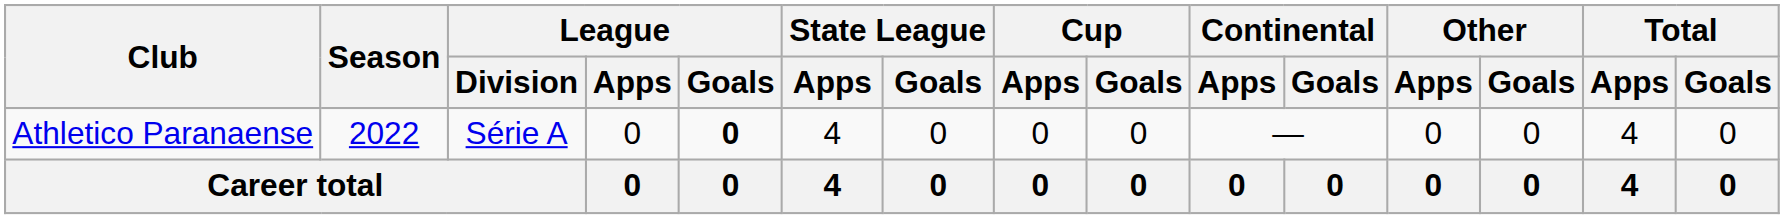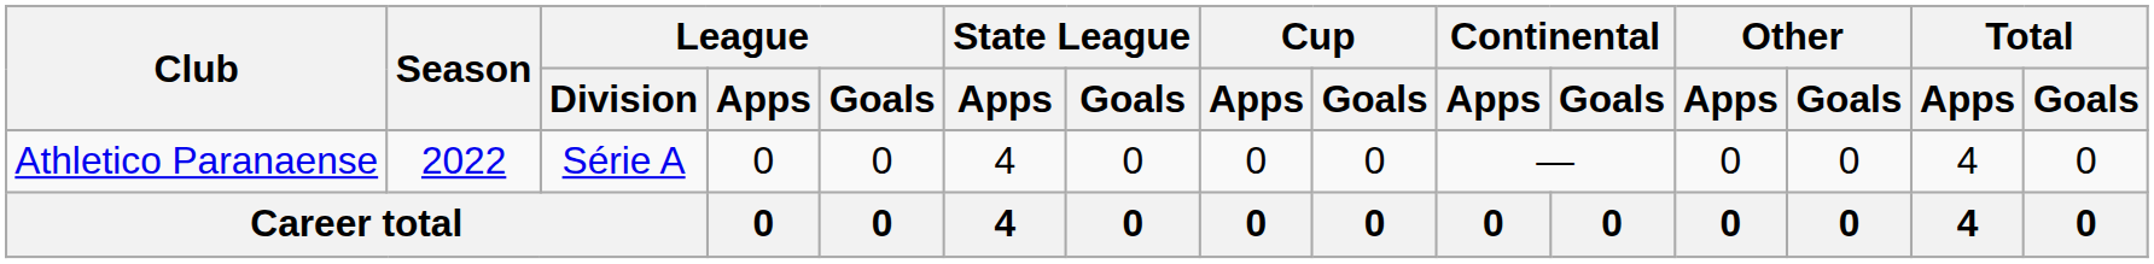 <table class="wikitable" style="text-align: center; font-size:96%">
 <tr>
 <th rowspan="2">Club</th>
 <th rowspan="2">Season</th>
 <th colspan="3">League</th>
 <th colspan="2">State League</th>
 <th colspan="2">Cup</th>
 <th colspan="2">Continental</th>
 <th colspan="2">Other</th>
 <th colspan="2">Total</th>
 </tr>
 <tr>
 <th>Division</th>
 <th>Apps</th>
 <th>Goals</th>
 <th>Apps</th>
 <th>Goals</th>
 <th>Apps</th>
 <th>Goals</th>
 <th>Apps</th>
 <th>Goals</th>
 <th>Apps</th>
 <th>Goals</th>
 <th>Apps</th>
 <th>Goals</th>
 </tr>
 <tr>
 <td><a href='#'>Athletico Paranaense</a></td>
 <td><a href='#'>2022</a></td>
 <td><a href='#'>Série A</a></td>
 <td>0</td>
-<td><strong>0</strong></td>
+<td>0</td>
 <td>4</td>
 <td>0</td>
 <td>0</td>
 <td>0</td>
 <td colspan="2">—</td>
 <td>0</td>
 <td>0</td>
 <td>4</td>
 <td>0</td>
 </tr>
 <tr>
 <th colspan="3"><strong>Career total</strong></th>
 <th>0</th>
 <th>0</th>
 <th>4</th>
 <th>0</th>
 <th>0</th>
 <th>0</th>
 <th>0</th>
 <th>0</th>
 <th>0</th>
 <th>0</th>
 <th>4</th>
 <th>0</th>
 </tr>
 </table>
